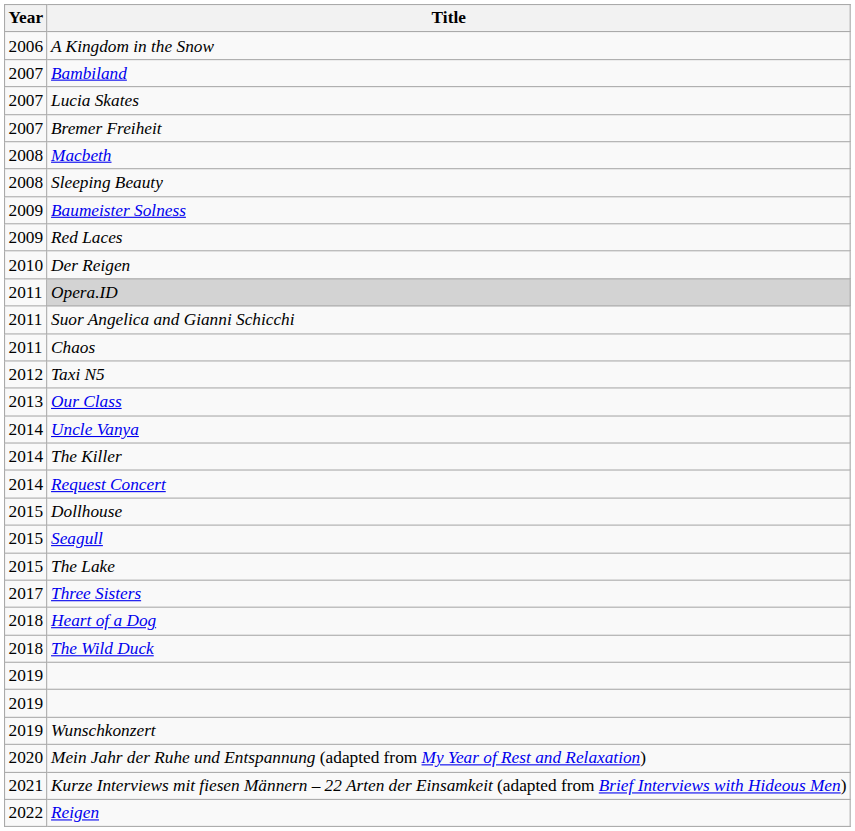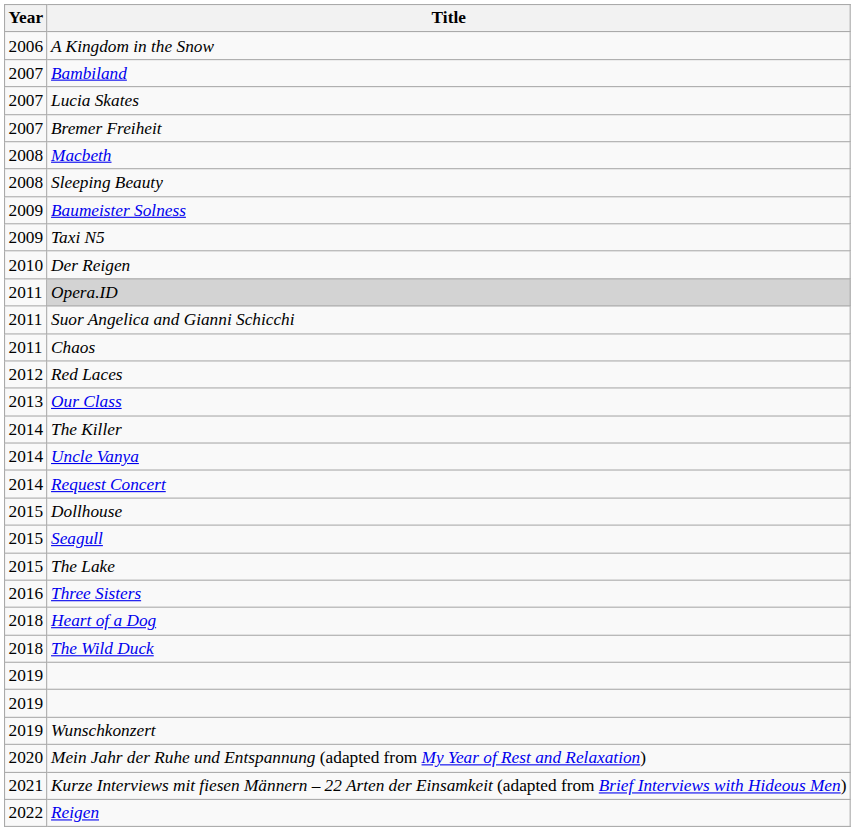 <table class="wikitable sortable">
 <tr>
 <th>Year</th>
 <th>Title</th>
 </tr>
 <tr>
 <td>2006</td>
 <td><em>A Kingdom in the Snow</em></td>
 </tr>
 <tr>
 <td>2007</td>
 <td><em><a href='#'>Bambiland</a></em></td>
 </tr>
 <tr>
 <td>2007</td>
 <td><em>Lucia Skates</em></td>
 </tr>
 <tr>
 <td>2007</td>
 <td><em>Bremer Freiheit</em></td>
 </tr>
 <tr>
 <td>2008</td>
 <td><em><a href='#'>Macbeth</a></em></td>
 </tr>
 <tr>
 <td>2008</td>
 <td><em>Sleeping Beauty</em></td>
 </tr>
 <tr>
 <td>2009</td>
 <td><em><a href='#'>Baumeister Solness</a></em></td>
 </tr>
 <tr>
 <td>2009</td>
-<td><em>Red Laces</em></td>
+<td><em>Taxi N5</em></td>
 </tr>
 <tr>
 <td>2010</td>
 <td><em>Der Reigen</em></td>
 </tr>
 <tr>
 <td>2011</td>
 <td style="background: lightgrey;"><em>Opera.ID</em></td>
 </tr>
 <tr>
 <td>2011</td>
 <td><em>Suor Angelica and Gianni Schicchi</em></td>
 </tr>
 <tr>
 <td>2011</td>
 <td><em>Chaos</em></td>
 </tr>
 <tr>
 <td>2012</td>
-<td><em>Taxi N5</em></td>
+<td><em>Red Laces</em></td>
 </tr>
 <tr>
 <td>2013</td>
 <td><em><a href='#'>Our Class</a></em></td>
 </tr>
 <tr>
 <td>2014</td>
-<td><em><a href='#'>Uncle Vanya</a></em></td>
+<td><em>The Killer</em></td>
 </tr>
 <tr>
 <td>2014</td>
-<td><em>The Killer</em></td>
+<td><em><a href='#'>Uncle Vanya</a></em></td>
 </tr>
 <tr>
 <td>2014</td>
 <td><em><a href='#'>Request Concert</a></em></td>
 </tr>
 <tr>
 <td>2015</td>
 <td><em>Dollhouse</em></td>
 </tr>
 <tr>
 <td>2015</td>
 <td><em><a href='#'>Seagull</a></em></td>
 </tr>
 <tr>
 <td>2015</td>
 <td><em>The Lake</em></td>
 </tr>
 <tr>
-<td>2017</td>
+<td>2016</td>
 <td><em><a href='#'>Three Sisters</a></em></td>
 </tr>
 <tr>
 <td>2018</td>
 <td><em><a href='#'>Heart of a Dog</a></em></td>
 </tr>
 <tr>
 <td>2018</td>
 <td><em><a href='#'>The Wild Duck</a></em></td>
 </tr>
 <tr>
 <td>2019</td>
 <td><em></em></td>
 </tr>
 <tr>
 <td>2019</td>
 <td><em></em></td>
 </tr>
 <tr>
 <td>2019</td>
 <td><em>Wunschkonzert</em></td>
 </tr>
 <tr>
 <td>2020</td>
 <td><em>Mein Jahr der Ruhe und Entspannung</em> (adapted from <em><a href='#'>My Year of Rest and Relaxation</a></em>)</td>
 </tr>
 <tr>
 <td>2021</td>
 <td><em>Kurze Interviews mit fiesen Männern – 22 Arten der Einsamkeit</em> (adapted from <em><a href='#'>Brief Interviews with Hideous Men</a></em>)</td>
 </tr>
 <tr>
 <td>2022</td>
 <td><em><a href='#'>Reigen</a></em></td>
 </tr>
 </table>
